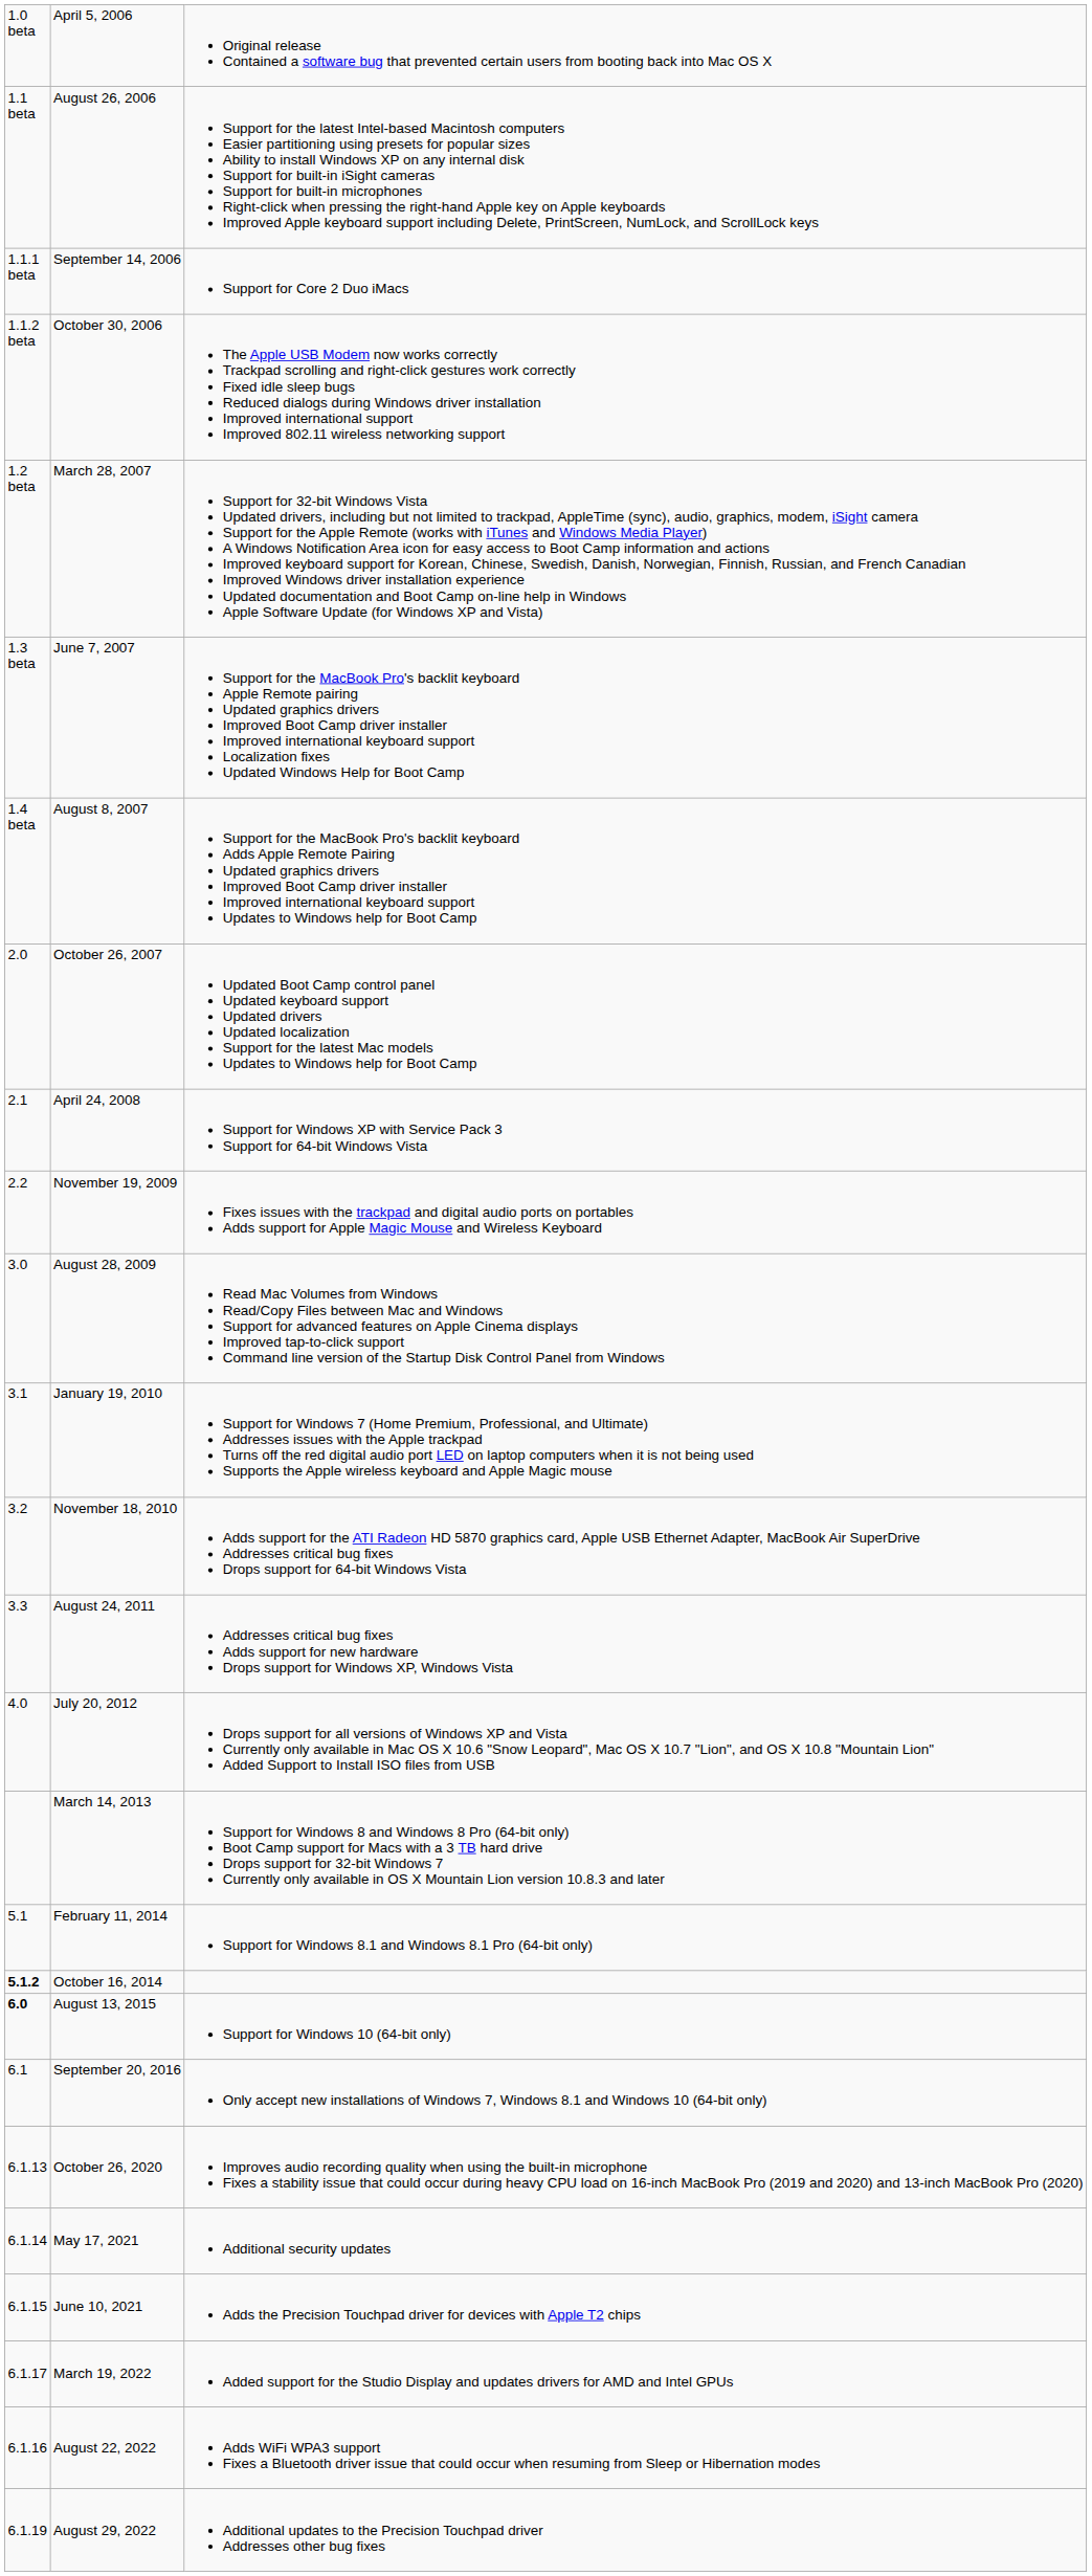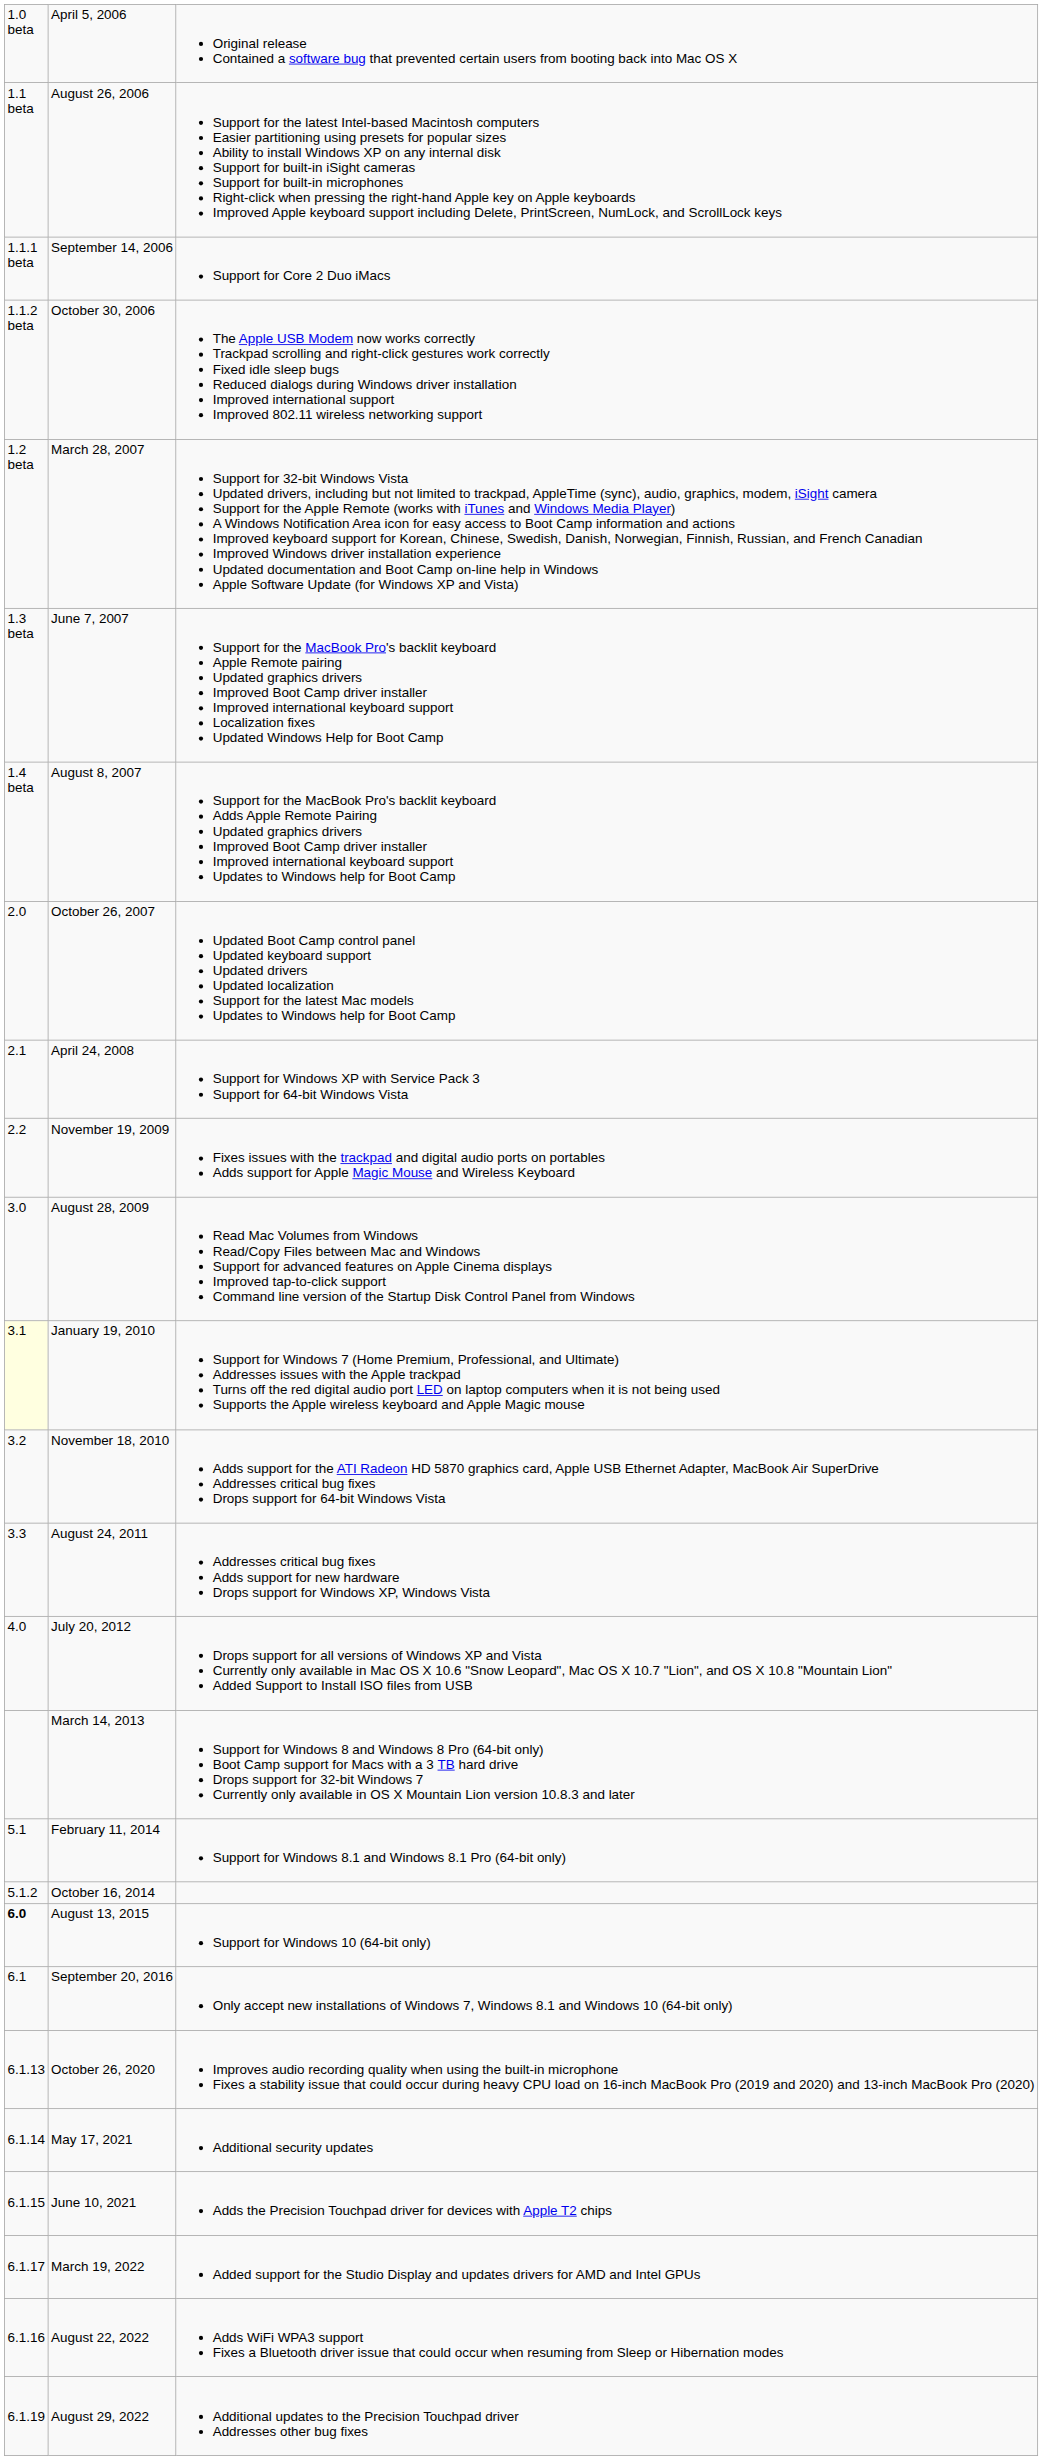 <table class="wikitable">
 <tr valign="top">
 <td>1.0<br>beta</td>
 <td>April 5, 2006</td>
 <td><br><ul><li>Original release</li><li>Contained a <a href='#'>software bug</a> that prevented certain users from booting back into Mac OS X</li></ul></td>
 </tr>
 <tr valign="top">
 <td>1.1<br>beta</td>
 <td>August 26, 2006</td>
 <td><br><ul><li>Support for the latest Intel-based Macintosh computers</li><li>Easier partitioning using presets for popular sizes</li><li>Ability to install Windows XP on any internal disk</li><li>Support for built-in iSight cameras</li><li>Support for built-in microphones</li><li>Right-click when pressing the right-hand Apple key on Apple keyboards</li><li>Improved Apple keyboard support including Delete, PrintScreen, NumLock, and ScrollLock keys</li></ul></td>
 </tr>
 <tr valign="top">
 <td>1.1.1<br>beta</td>
 <td>September 14, 2006</td>
 <td><br><ul><li>Support for Core 2 Duo iMacs</li></ul></td>
 </tr>
 <tr valign="top">
 <td>1.1.2<br>beta</td>
 <td>October 30, 2006</td>
 <td><br><ul><li>The <a href='#'>Apple USB Modem</a> now works correctly</li><li>Trackpad scrolling and right-click gestures work correctly</li><li>Fixed idle sleep bugs</li><li>Reduced dialogs during Windows driver installation</li><li>Improved international support</li><li>Improved 802.11 wireless networking support</li></ul></td>
 </tr>
 <tr valign="top">
 <td>1.2<br>beta</td>
 <td>March 28, 2007</td>
 <td><br><ul><li>Support for 32-bit Windows Vista</li><li>Updated drivers, including but not limited to trackpad, AppleTime (sync), audio, graphics, modem, <a href='#'>iSight</a> camera</li><li>Support for the Apple Remote (works with <a href='#'>iTunes</a> and <a href='#'>Windows Media Player</a>)</li><li>A Windows Notification Area icon for easy access to Boot Camp information and actions</li><li>Improved keyboard support  for Korean, Chinese, Swedish, Danish, Norwegian, Finnish, Russian, and French Canadian</li><li>Improved Windows driver installation experience</li><li>Updated documentation and Boot Camp on-line help in Windows</li><li>Apple Software Update (for Windows XP and Vista)</li></ul></td>
 </tr>
 <tr valign="top">
 <td>1.3<br>beta</td>
 <td>June 7, 2007</td>
 <td><br><ul><li>Support for the <a href='#'>MacBook Pro</a>'s backlit keyboard</li><li>Apple Remote pairing</li><li>Updated graphics drivers</li><li>Improved Boot Camp driver installer</li><li>Improved international keyboard support</li><li>Localization fixes</li><li>Updated Windows Help for Boot Camp</li></ul></td>
 </tr>
 <tr valign="top">
 <td>1.4<br>beta</td>
 <td>August 8, 2007</td>
 <td><br><ul><li>Support for the MacBook Pro's backlit keyboard</li><li>Adds Apple Remote Pairing</li><li>Updated graphics drivers</li><li>Improved Boot Camp driver installer</li><li>Improved international keyboard support</li><li>Updates to Windows help for Boot Camp</li></ul></td>
 </tr>
 <tr valign="top">
 <td>2.0</td>
 <td>October 26, 2007</td>
 <td><br><ul><li>Updated Boot Camp control panel</li><li>Updated keyboard support</li><li>Updated drivers</li><li>Updated localization</li><li>Support for the latest Mac models</li><li>Updates to Windows help for Boot Camp</li></ul></td>
 </tr>
 <tr valign="top">
 <td>2.1</td>
 <td>April 24, 2008</td>
 <td><br><ul><li>Support for Windows XP with Service Pack 3</li><li>Support for 64-bit Windows Vista</li></ul></td>
 </tr>
 <tr valign="top">
 <td>2.2</td>
 <td>November 19, 2009</td>
 <td><br><ul><li>Fixes issues with the <a href='#'>trackpad</a> and digital audio ports on portables</li><li>Adds support for Apple <a href='#'>Magic Mouse</a> and Wireless Keyboard</li></ul></td>
 </tr>
 <tr valign="top">
 <td>3.0</td>
 <td>August 28, 2009</td>
 <td><br><ul><li>Read Mac Volumes from Windows</li><li>Read/Copy Files between Mac and Windows</li><li>Support for advanced features on Apple Cinema displays</li><li>Improved tap-to-click support</li><li>Command line version of the Startup Disk Control Panel from Windows</li></ul></td>
 </tr>
 <tr valign="top">
-<td>3.1</td>
+<td style="background: lightyellow;">3.1</td>
 <td>January 19, 2010</td>
 <td><br><ul><li>Support for Windows 7 (Home Premium, Professional, and Ultimate)</li><li>Addresses issues with the Apple trackpad</li><li>Turns off the red digital audio port <a href='#'>LED</a> on laptop computers when it is not being used</li><li>Supports the Apple wireless keyboard and Apple Magic mouse</li></ul></td>
 </tr>
 <tr valign="top">
 <td>3.2</td>
 <td>November 18, 2010</td>
 <td><br><ul><li>Adds support for the <a href='#'>ATI Radeon</a> HD 5870 graphics card, Apple USB Ethernet Adapter, MacBook Air SuperDrive</li><li>Addresses critical bug fixes</li><li>Drops support for 64-bit Windows Vista</li></ul></td>
 </tr>
 <tr valign="top">
 <td>3.3</td>
 <td>August 24, 2011</td>
 <td><br><ul><li>Addresses critical bug fixes</li><li>Adds support for new hardware</li><li>Drops support for Windows XP, Windows Vista</li></ul></td>
 </tr>
 <tr valign="top">
 <td>4.0</td>
 <td>July 20, 2012</td>
 <td><br><ul><li>Drops support for all versions of Windows XP and Vista</li><li>Currently only available in Mac OS X 10.6 "Snow Leopard", Mac OS X 10.7 "Lion", and OS X 10.8 "Mountain Lion"</li><li>Added Support to Install ISO files from USB</li></ul></td>
 </tr>
 <tr valign="top">
 <td></td>
 <td>March 14, 2013</td>
 <td><br><ul><li>Support for Windows 8 and Windows 8 Pro (64-bit only)</li><li>Boot Camp support for Macs with a 3 <a href='#'>TB</a> hard drive</li><li>Drops support for 32-bit Windows 7</li><li>Currently only available in OS X Mountain Lion version 10.8.3 and later</li></ul></td>
 </tr>
 <tr valign="top">
 <td>5.1</td>
 <td>February 11, 2014</td>
 <td><br><ul><li>Support for Windows 8.1 and Windows 8.1 Pro (64-bit only)</li></ul></td>
 </tr>
 <tr valign="top">
-<td><strong>5.1.2</strong></td>
+<td>5.1.2</td>
 <td>October 16, 2014</td>
 <td></td>
 </tr>
 <tr valign="top">
 <td><strong>6.0</strong></td>
 <td>August 13, 2015</td>
 <td><br><ul><li>Support for Windows 10 (64-bit only)</li></ul></td>
 </tr>
 <tr valign="top">
 <td>6.1</td>
 <td>September 20, 2016</td>
 <td><br><ul><li>Only accept new installations of Windows 7, Windows 8.1 and Windows 10 (64-bit only)</li></ul></td>
 </tr>
 <tr>
 <td>6.1.13</td>
 <td>October 26, 2020</td>
 <td><br><ul><li>Improves audio recording quality when using the built-in microphone</li><li>Fixes a stability issue that could occur during heavy CPU load on 16-inch MacBook Pro (2019 and 2020) and 13-inch MacBook Pro (2020)</li></ul></td>
 </tr>
 <tr>
 <td>6.1.14</td>
 <td>May 17, 2021</td>
 <td><br><ul><li>Additional security updates</li></ul></td>
 </tr>
 <tr>
 <td>6.1.15</td>
 <td>June 10, 2021</td>
 <td><br><ul><li>Adds the Precision Touchpad driver for devices with <a href='#'>Apple T2</a> chips</li></ul></td>
 </tr>
 <tr>
 <td>6.1.17</td>
 <td>March 19, 2022</td>
 <td><br><ul><li>Added support for the Studio Display and updates drivers for AMD and Intel GPUs</li></ul></td>
 </tr>
 <tr>
 <td>6.1.16</td>
 <td>August 22, 2022</td>
 <td><br><ul><li>Adds WiFi WPA3 support</li><li>Fixes a Bluetooth driver issue that could occur when resuming from Sleep or Hibernation modes</li></ul></td>
 </tr>
 <tr>
 <td>6.1.19</td>
 <td>August 29, 2022</td>
 <td><br><ul><li>Additional updates to the Precision Touchpad driver</li><li>Addresses other bug fixes</li></ul></td>
 </tr>
 </table>
